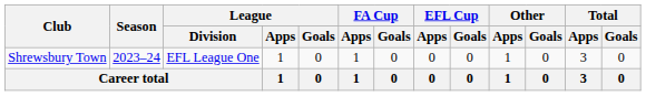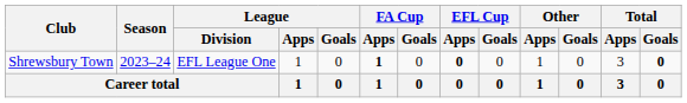 <table class="wikitable" style="text-align:center;">
 <tr>
 <th rowspan="2">Club</th>
 <th rowspan="2">Season</th>
 <th colspan="3">League</th>
 <th colspan="2"><a href='#'>FA Cup</a></th>
 <th colspan="2"><a href='#'>EFL Cup</a></th>
 <th colspan="2">Other</th>
 <th colspan="2">Total</th>
 </tr>
 <tr>
 <th>Division</th>
 <th>Apps</th>
 <th>Goals</th>
 <th>Apps</th>
 <th>Goals</th>
 <th>Apps</th>
 <th>Goals</th>
 <th>Apps</th>
 <th>Goals</th>
 <th>Apps</th>
 <th>Goals</th>
 </tr>
 <tr>
 <td><a href='#'>Shrewsbury Town</a></td>
 <td><a href='#'>2023–24</a></td>
 <td><a href='#'>EFL League One</a></td>
 <td>1</td>
 <td>0</td>
-<td>1</td>
+<td><strong>1</strong></td>
 <td>0</td>
-<td>0</td>
+<td><strong>0</strong></td>
 <td>0</td>
 <td>1</td>
 <td>0</td>
 <td>3</td>
-<td>0</td>
+<td><strong>0</strong></td>
 </tr>
 <tr>
 <th colspan="3">Career total</th>
 <th>1</th>
 <th>0</th>
 <th>1</th>
 <th>0</th>
 <th>0</th>
 <th>0</th>
 <th>1</th>
 <th>0</th>
 <th>3</th>
 <th>0</th>
 </tr>
 </table>
